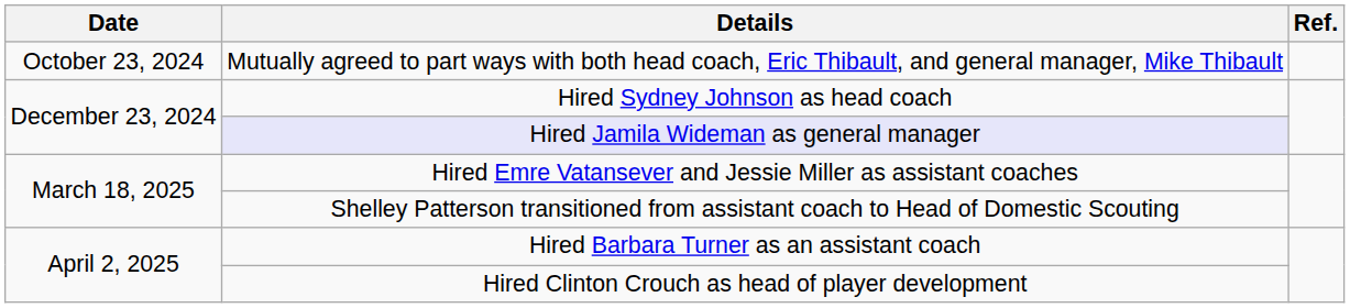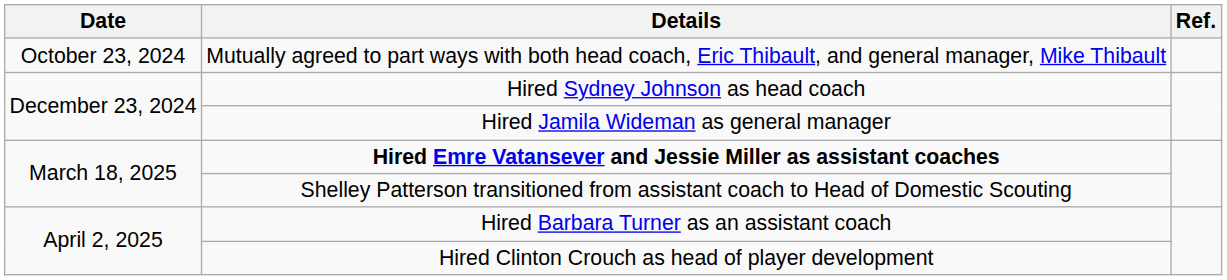 <table class="wikitable sortable sortable" style="text-align: center">
 <tr>
 <th>Date</th>
 <th>Details</th>
 <th>Ref.</th>
 </tr>
 <tr>
 <td>October 23, 2024</td>
 <td>Mutually agreed to part ways with both head coach, <a href='#'>Eric Thibault</a>, and general manager, <a href='#'>Mike Thibault</a></td>
 <td></td>
 </tr>
 <tr>
 <td rowspan=2>December 23, 2024</td>
 <td>Hired <a href='#'>Sydney Johnson</a> as head coach</td>
 <td rowspan=2></td>
 </tr>
 <tr>
-<td style="background: lavender;">Hired <a href='#'>Jamila Wideman</a> as general manager</td>
+<td>Hired <a href='#'>Jamila Wideman</a> as general manager</td>
 </tr>
 <tr>
 <td rowspan=2>March 18, 2025</td>
-<td>Hired <a href='#'>Emre Vatansever</a> and Jessie Miller as assistant coaches</td>
+<td><strong>Hired <a href='#'>Emre Vatansever</a> and Jessie Miller as assistant coaches</strong></td>
 <td rowspan=2></td>
 </tr>
 <tr>
 <td>Shelley Patterson transitioned from assistant coach to Head of Domestic Scouting</td>
 </tr>
 <tr>
 <td rowspan=2>April 2, 2025</td>
 <td>Hired <a href='#'>Barbara Turner</a> as an assistant coach</td>
 <td rowspan=2></td>
 </tr>
 <tr>
 <td>Hired Clinton Crouch as head of player development</td>
 </tr>
 </table>
